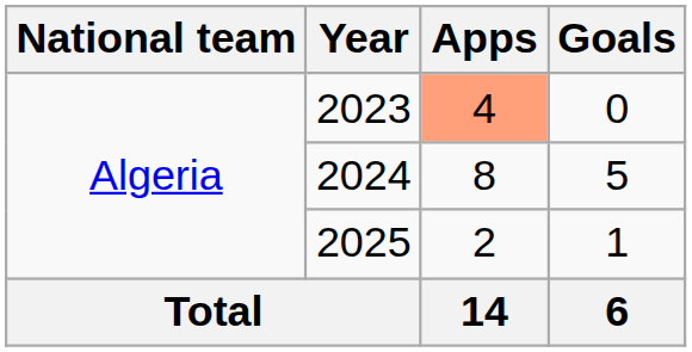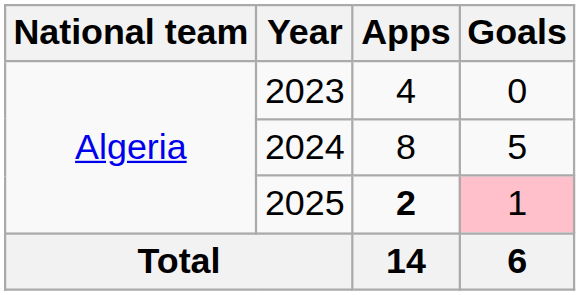 <table class="wikitable" style="text-align: center;">
 <tr>
 <th>National team</th>
 <th>Year</th>
 <th>Apps</th>
 <th>Goals</th>
 </tr>
 <tr>
 <td rowspan="3"><a href='#'>Algeria</a></td>
 <td>2023</td>
-<td style="background: lightsalmon;">4</td>
+<td>4</td>
 <td>0</td>
 </tr>
 <tr>
 <td>2024</td>
 <td>8</td>
 <td>5</td>
 </tr>
 <tr>
 <td>2025</td>
-<td>2</td>
-<td>1</td>
+<td><strong>2</strong></td>
+<td style="background: pink;">1</td>
 </tr>
 <tr>
 <th colspan="2">Total</th>
 <th>14</th>
 <th>6</th>
 </tr>
 </table>
